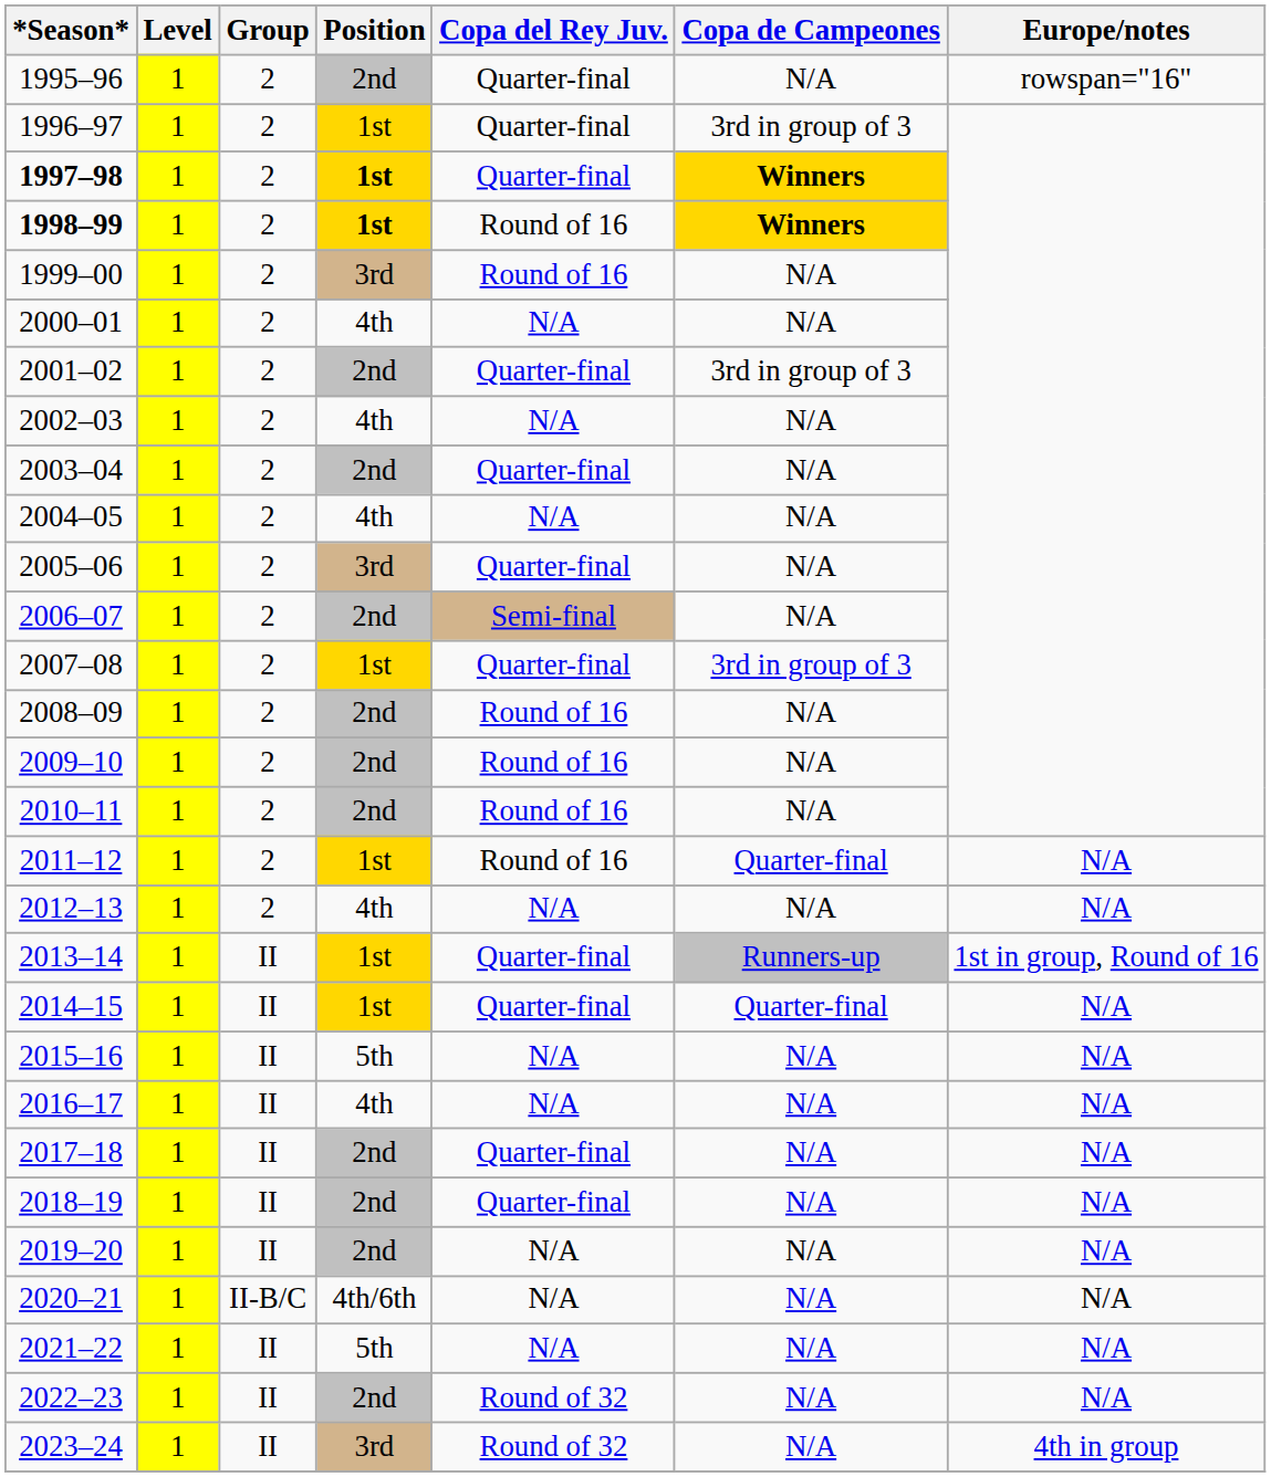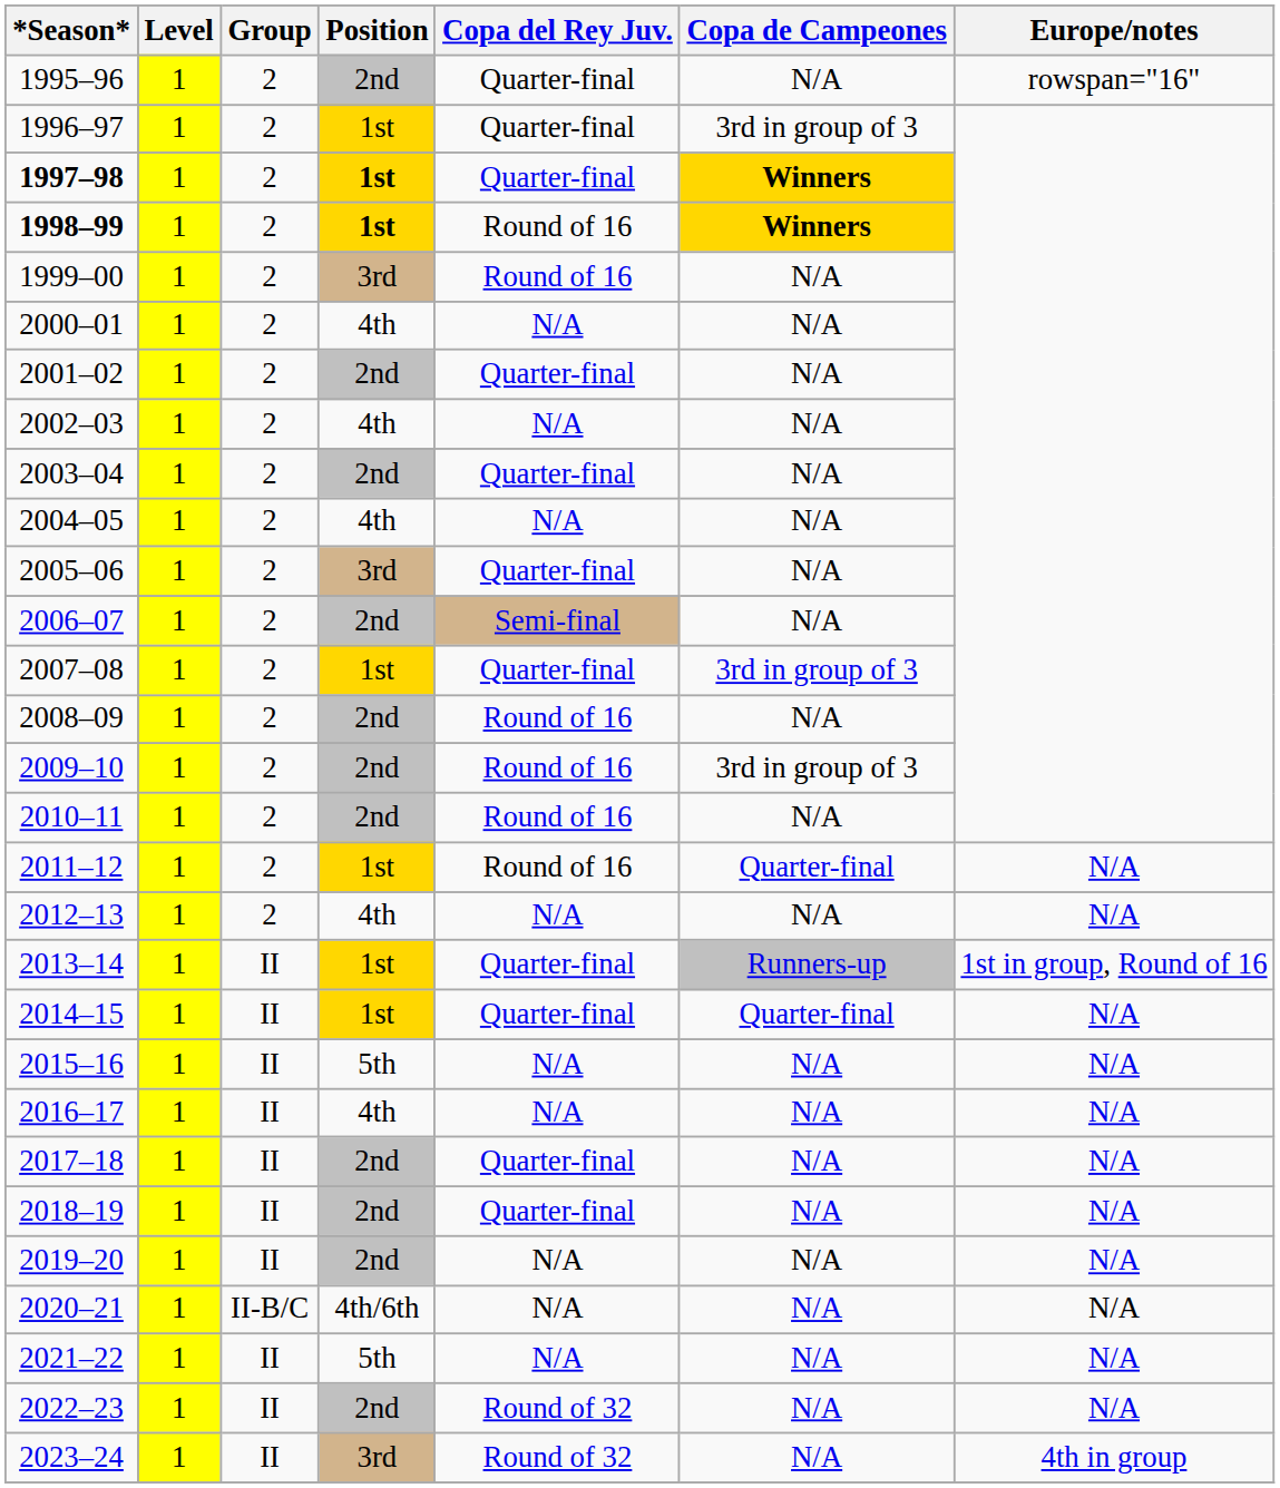 <table class="wikitable" style="text-align:center; font-size:90%">
 <tr>
 <th>*Season*</th>
 <th>Level</th>
 <th>Group</th>
 <th>Position</th>
 <th><a href='#'>Copa del Rey Juv.</a></th>
 <th><a href='#'>Copa de Campeones</a></th>
 <th>Europe/notes</th>
 </tr>
 <tr>
 <td>1995–96</td>
 <td bgcolor=#FFFF00>1</td>
 <td>2</td>
 <td bgcolor=silver>2nd</td>
 <td>Quarter-final</td>
 <td>N/A</td>
 <td>rowspan="16" </td>
 </tr>
 <tr>
 <td>1996–97</td>
 <td bgcolor=#FFFF00>1</td>
 <td>2</td>
 <td bgcolor=gold>1st</td>
 <td>Quarter-final</td>
 <td>3rd in group of 3</td>
 </tr>
 <tr>
 <td><strong>1997–98</strong></td>
 <td bgcolor=#FFFF00>1</td>
 <td>2</td>
 <td bgcolor=gold><strong>1st</strong></td>
 <td><a href='#'>Quarter-final</a></td>
 <td bgcolor=gold><strong>Winners</strong></td>
 </tr>
 <tr>
 <td><strong>1998–99</strong></td>
 <td bgcolor=#FFFF00>1</td>
 <td>2</td>
 <td bgcolor=gold><strong>1st</strong></td>
 <td>Round of 16</td>
 <td bgcolor=gold><strong>Winners</strong></td>
 </tr>
 <tr>
 <td>1999–00</td>
 <td bgcolor=#FFFF00>1</td>
 <td>2</td>
 <td bgcolor=#D2B48C>3rd</td>
 <td><a href='#'>Round of 16</a></td>
 <td>N/A</td>
 </tr>
 <tr>
 <td>2000–01</td>
 <td bgcolor=#FFFF00>1</td>
 <td>2</td>
 <td>4th</td>
 <td><a href='#'>N/A</a></td>
 <td>N/A</td>
 </tr>
 <tr>
 <td>2001–02</td>
 <td bgcolor=#FFFF00>1</td>
 <td>2</td>
 <td bgcolor=silver>2nd</td>
 <td><a href='#'>Quarter-final</a></td>
-<td>3rd in group of 3</td>
+<td>N/A</td>
 </tr>
 <tr>
 <td>2002–03</td>
 <td bgcolor=#FFFF00>1</td>
 <td>2</td>
 <td>4th</td>
 <td><a href='#'>N/A</a></td>
 <td>N/A</td>
 </tr>
 <tr>
 <td>2003–04</td>
 <td bgcolor=#FFFF00>1</td>
 <td>2</td>
 <td bgcolor=silver>2nd</td>
 <td><a href='#'>Quarter-final</a></td>
 <td>N/A</td>
 </tr>
 <tr>
 <td>2004–05</td>
 <td bgcolor=#FFFF00>1</td>
 <td>2</td>
 <td>4th</td>
 <td><a href='#'>N/A</a></td>
 <td>N/A</td>
 </tr>
 <tr>
 <td>2005–06</td>
 <td bgcolor=#FFFF00>1</td>
 <td>2</td>
 <td bgcolor=#D2B48C>3rd</td>
 <td><a href='#'>Quarter-final</a></td>
 <td>N/A</td>
 </tr>
 <tr>
 <td><a href='#'>2006–07</a></td>
 <td bgcolor=#FFFF00>1</td>
 <td>2</td>
 <td bgcolor=silver>2nd</td>
 <td bgcolor=#D2B48C><a href='#'>Semi-final</a></td>
 <td>N/A</td>
 </tr>
 <tr>
 <td>2007–08</td>
 <td bgcolor=#FFFF00>1</td>
 <td>2</td>
 <td bgcolor=gold>1st</td>
 <td><a href='#'>Quarter-final</a></td>
 <td><a href='#'>3rd in group of 3</a></td>
 </tr>
 <tr>
 <td>2008–09</td>
 <td bgcolor=#FFFF00>1</td>
 <td>2</td>
 <td bgcolor=silver>2nd</td>
 <td><a href='#'>Round of 16</a></td>
 <td>N/A</td>
 </tr>
 <tr>
 <td><a href='#'>2009–10</a></td>
 <td bgcolor=#FFFF00>1</td>
 <td>2</td>
 <td bgcolor=silver>2nd</td>
 <td><a href='#'>Round of 16</a></td>
-<td>N/A</td>
+<td>3rd in group of 3</td>
 </tr>
 <tr>
 <td><a href='#'>2010–11</a></td>
 <td bgcolor=#FFFF00>1</td>
 <td>2</td>
 <td bgcolor=silver>2nd</td>
 <td><a href='#'>Round of 16</a></td>
 <td>N/A</td>
 </tr>
 <tr>
 <td><a href='#'>2011–12</a></td>
 <td bgcolor=#FFFF00>1</td>
 <td>2</td>
 <td bgcolor=gold>1st</td>
 <td>Round of 16</td>
 <td><a href='#'>Quarter-final</a></td>
 <td><a href='#'>N/A</a></td>
 </tr>
 <tr>
 <td><a href='#'>2012–13</a></td>
 <td bgcolor=#FFFF00>1</td>
 <td>2</td>
 <td>4th</td>
 <td><a href='#'>N/A</a></td>
 <td>N/A</td>
 <td><a href='#'>N/A</a></td>
 </tr>
 <tr>
 <td><a href='#'>2013–14</a></td>
 <td bgcolor=#FFFF00>1</td>
 <td>II</td>
 <td bgcolor=gold>1st</td>
 <td><a href='#'>Quarter-final</a></td>
 <td bgcolor=silver><a href='#'>Runners-up</a></td>
 <td><a href='#'>1st in group</a>, <a href='#'>Round of 16</a></td>
 </tr>
 <tr>
 <td><a href='#'>2014–15</a></td>
 <td bgcolor=#FFFF00>1</td>
 <td>II</td>
 <td bgcolor=gold>1st</td>
 <td><a href='#'>Quarter-final</a></td>
 <td><a href='#'>Quarter-final</a></td>
 <td><a href='#'>N/A</a></td>
 </tr>
 <tr>
 <td><a href='#'>2015–16</a></td>
 <td bgcolor=#FFFF00>1</td>
 <td>II</td>
 <td>5th</td>
 <td><a href='#'>N/A</a></td>
 <td><a href='#'>N/A</a></td>
 <td><a href='#'>N/A</a></td>
 </tr>
 <tr>
 <td><a href='#'>2016–17</a></td>
 <td bgcolor=#FFFF00>1</td>
 <td>II</td>
 <td>4th</td>
 <td><a href='#'>N/A</a></td>
 <td><a href='#'>N/A</a></td>
 <td><a href='#'>N/A</a></td>
 </tr>
 <tr>
 <td><a href='#'>2017–18</a></td>
 <td bgcolor=#FFFF00>1</td>
 <td>II</td>
 <td bgcolor=silver>2nd</td>
 <td><a href='#'>Quarter-final</a></td>
 <td><a href='#'>N/A</a></td>
 <td><a href='#'>N/A</a></td>
 </tr>
 <tr>
 <td><a href='#'>2018–19</a></td>
 <td bgcolor=#FFFF00>1</td>
 <td>II</td>
 <td bgcolor=silver>2nd</td>
 <td><a href='#'>Quarter-final</a></td>
 <td><a href='#'>N/A</a></td>
 <td><a href='#'>N/A</a></td>
 </tr>
 <tr>
 <td><a href='#'>2019–20</a></td>
 <td bgcolor=#FFFF00>1</td>
 <td>II</td>
 <td bgcolor=silver>2nd</td>
 <td>N/A</td>
 <td>N/A</td>
 <td><a href='#'>N/A</a></td>
 </tr>
 <tr>
 <td><a href='#'>2020–21</a></td>
 <td bgcolor=#FFFF00>1</td>
 <td>II-B/C</td>
 <td>4th/6th</td>
 <td>N/A</td>
 <td><a href='#'>N/A</a></td>
 <td>N/A</td>
 </tr>
 <tr>
 <td><a href='#'>2021–22</a></td>
 <td bgcolor=#FFFF00>1</td>
 <td>II</td>
 <td>5th</td>
 <td><a href='#'>N/A</a></td>
 <td><a href='#'>N/A</a></td>
 <td><a href='#'>N/A</a></td>
 </tr>
 <tr>
 <td><a href='#'>2022–23</a></td>
 <td bgcolor=#FFFF00>1</td>
 <td>II</td>
 <td bgcolor=silver>2nd</td>
 <td><a href='#'>Round of 32</a></td>
 <td><a href='#'>N/A</a></td>
 <td><a href='#'>N/A</a></td>
 </tr>
 <tr>
 <td><a href='#'>2023–24</a></td>
 <td bgcolor=#FFFF00>1</td>
 <td>II</td>
 <td bgcolor=#D2B48C>3rd</td>
 <td><a href='#'>Round of 32</a></td>
 <td><a href='#'>N/A</a></td>
 <td><a href='#'>4th in group</a></td>
 </tr>
 <tr>
 </tr>
 </table>
